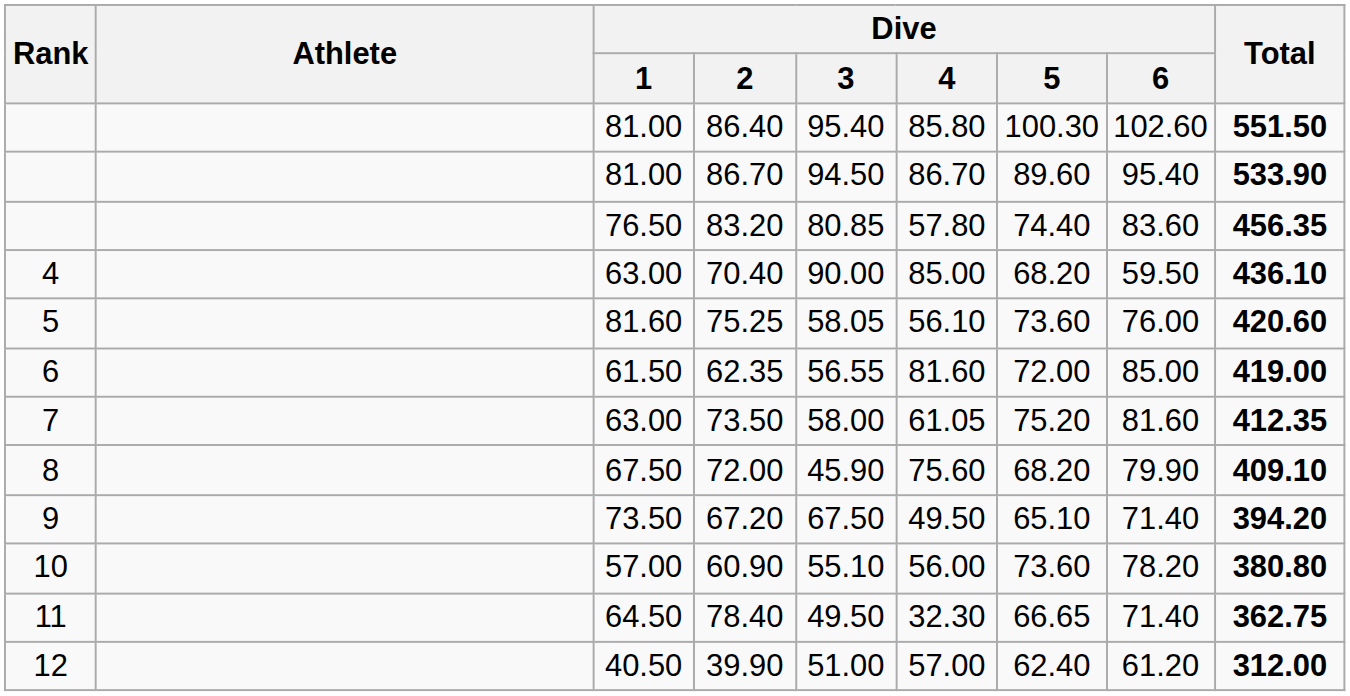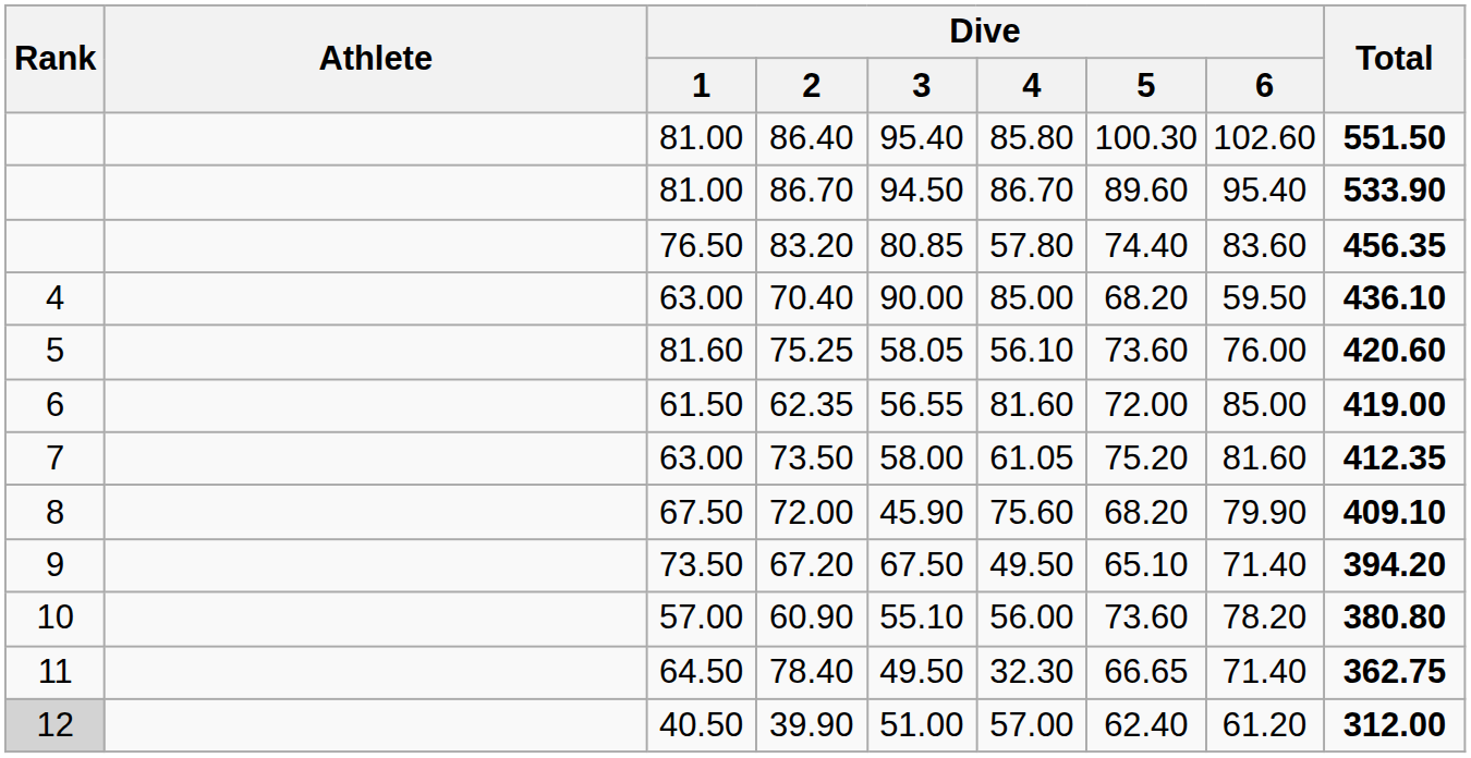 <table class=wikitable style="text-align:center">
 <tr>
 <th rowspan="2" width=40>Rank</th>
 <th rowspan="2" width=250>Athlete</th>
 <th colspan="6">Dive</th>
 <th rowspan="2" width=60>Total</th>
 </tr>
 <tr>
 <th width=45>1</th>
 <th width=45>2</th>
 <th width=45>3</th>
 <th width=45>4</th>
 <th width=45>5</th>
 <th width=45>6</th>
 </tr>
 <tr>
 <td></td>
 <td align=left></td>
 <td>81.00</td>
 <td>86.40</td>
 <td>95.40</td>
 <td>85.80</td>
 <td>100.30</td>
 <td>102.60</td>
 <td><strong>551.50</strong></td>
 </tr>
 <tr>
 <td></td>
 <td align=left></td>
 <td>81.00</td>
 <td>86.70</td>
 <td>94.50</td>
 <td>86.70</td>
 <td>89.60</td>
 <td>95.40</td>
 <td><strong>533.90</strong></td>
 </tr>
 <tr>
 <td></td>
 <td align=left></td>
 <td>76.50</td>
 <td>83.20</td>
 <td>80.85</td>
 <td>57.80</td>
 <td>74.40</td>
 <td>83.60</td>
 <td><strong>456.35</strong></td>
 </tr>
 <tr>
 <td>4</td>
 <td align=left></td>
 <td>63.00</td>
 <td>70.40</td>
 <td>90.00</td>
 <td>85.00</td>
 <td>68.20</td>
 <td>59.50</td>
 <td><strong>436.10</strong></td>
 </tr>
 <tr>
 <td>5</td>
 <td align=left></td>
 <td>81.60</td>
 <td>75.25</td>
 <td>58.05</td>
 <td>56.10</td>
 <td>73.60</td>
 <td>76.00</td>
 <td><strong>420.60</strong></td>
 </tr>
 <tr>
 <td>6</td>
 <td align=left></td>
 <td>61.50</td>
 <td>62.35</td>
 <td>56.55</td>
 <td>81.60</td>
 <td>72.00</td>
 <td>85.00</td>
 <td><strong>419.00</strong></td>
 </tr>
 <tr>
 <td>7</td>
 <td align=left></td>
 <td>63.00</td>
 <td>73.50</td>
 <td>58.00</td>
 <td>61.05</td>
 <td>75.20</td>
 <td>81.60</td>
 <td><strong>412.35</strong></td>
 </tr>
 <tr>
 <td>8</td>
 <td align=left></td>
 <td>67.50</td>
 <td>72.00</td>
 <td>45.90</td>
 <td>75.60</td>
 <td>68.20</td>
 <td>79.90</td>
 <td><strong>409.10</strong></td>
 </tr>
 <tr>
 <td>9</td>
 <td align=left></td>
 <td>73.50</td>
 <td>67.20</td>
 <td>67.50</td>
 <td>49.50</td>
 <td>65.10</td>
 <td>71.40</td>
 <td><strong>394.20</strong></td>
 </tr>
 <tr>
 <td>10</td>
 <td align=left></td>
 <td>57.00</td>
 <td>60.90</td>
 <td>55.10</td>
 <td>56.00</td>
 <td>73.60</td>
 <td>78.20</td>
 <td><strong>380.80</strong></td>
 </tr>
 <tr>
 <td>11</td>
 <td align=left></td>
 <td>64.50</td>
 <td>78.40</td>
 <td>49.50</td>
 <td>32.30</td>
 <td>66.65</td>
 <td>71.40</td>
 <td><strong>362.75</strong></td>
 </tr>
 <tr>
-<td>12</td>
+<td style="background: lightgrey;">12</td>
 <td align=left></td>
 <td>40.50</td>
 <td>39.90</td>
 <td>51.00</td>
 <td>57.00</td>
 <td>62.40</td>
 <td>61.20</td>
 <td><strong>312.00</strong></td>
 </tr>
 </table>
